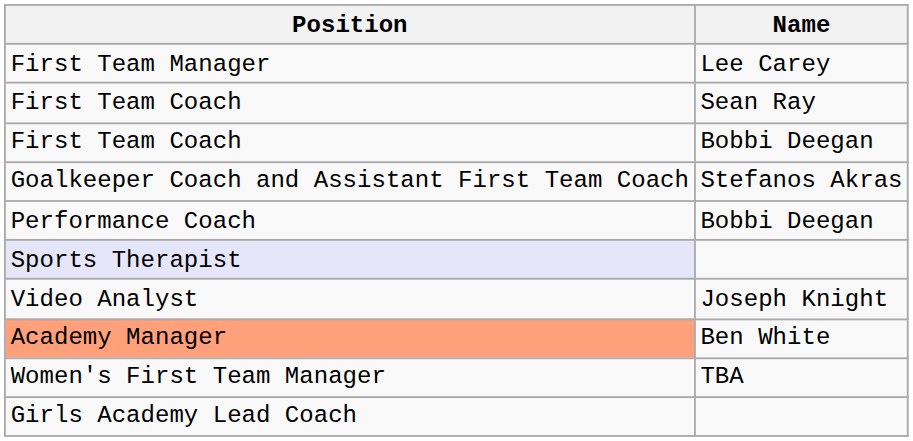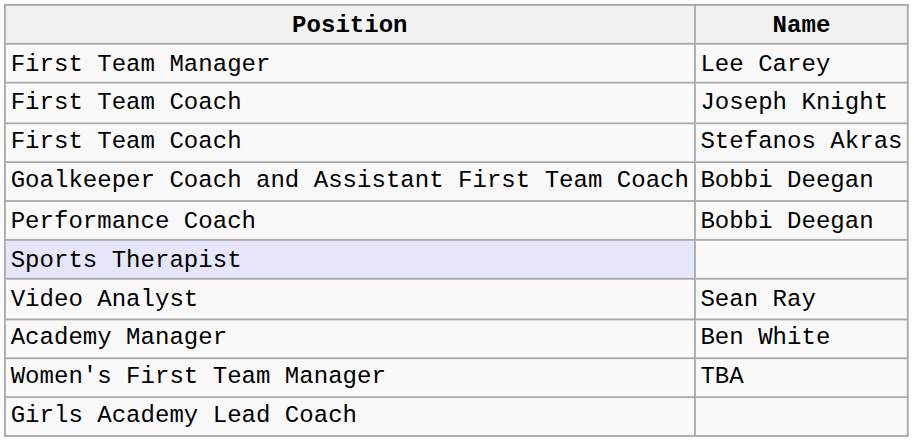 <table class="wikitable">
 <tr>
 <th>Position</th>
 <th>Name</th>
 </tr>
 <tr>
 <td>First Team Manager</td>
 <td>Lee Carey</td>
 </tr>
 <tr>
 <td>First Team Coach</td>
-<td>Sean Ray</td>
+<td>Joseph Knight</td>
 </tr>
 <tr>
 <td>First Team Coach</td>
-<td>Bobbi Deegan</td>
+<td>Stefanos Akras</td>
 </tr>
 <tr>
 <td>Goalkeeper Coach and Assistant First Team Coach</td>
-<td>Stefanos Akras</td>
+<td>Bobbi Deegan</td>
 </tr>
 <tr>
 <td>Performance Coach</td>
 <td>Bobbi Deegan</td>
 </tr>
 <tr>
 <td style="background: lavender;">Sports Therapist</td>
 <td></td>
 </tr>
 <tr>
 <td>Video Analyst</td>
-<td>Joseph Knight</td>
+<td>Sean Ray</td>
 </tr>
 <tr>
-<td style="background: lightsalmon;">Academy Manager</td>
+<td>Academy Manager</td>
 <td>Ben White</td>
 </tr>
 <tr>
 <td>Women's First Team Manager</td>
 <td>TBA</td>
 </tr>
 <tr>
 <td>Girls Academy Lead Coach</td>
 <td></td>
 </tr>
 </table>
